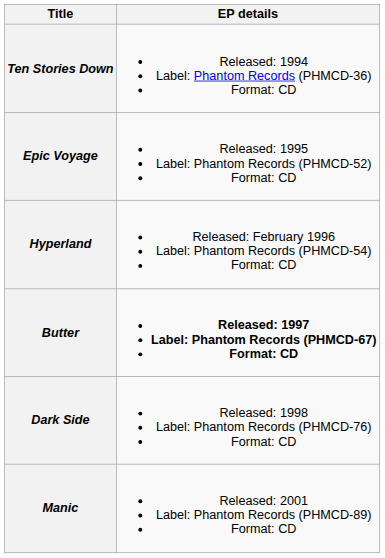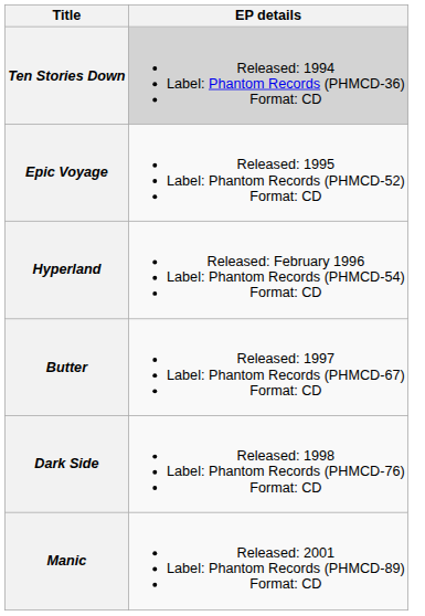 <table class="wikitable plainrowheaders" style="text-align:center;">
 <tr>
 <th>Title</th>
 <th>EP details</th>
 </tr>
 <tr>
 <th scope="row"><em>Ten Stories Down</em></th>
-<td><br><ul><li>Released: 1994</li><li>Label: <a href='#'>Phantom Records</a> (PHMCD-36)</li><li>Format: CD</li></ul></td>
+<td style="background: lightgrey;"><br><ul><li>Released: 1994</li><li>Label: <a href='#'>Phantom Records</a> (PHMCD-36)</li><li>Format: CD</li></ul></td>
 </tr>
 <tr>
 <th scope="row"><em>Epic Voyage</em></th>
 <td><br><ul><li>Released: 1995</li><li>Label: Phantom Records (PHMCD-52)</li><li>Format: CD</li></ul></td>
 </tr>
 <tr>
 <th scope="row"><em>Hyperland</em></th>
 <td><br><ul><li>Released: February 1996</li><li>Label: Phantom Records (PHMCD-54)</li><li>Format: CD</li></ul></td>
 </tr>
 <tr>
 <th scope="row"><em>Butter</em></th>
-<td><strong><br><ul><li>Released: 1997</li><li>Label: Phantom Records (PHMCD-67)</li><li>Format: CD</li></ul></strong></td>
+<td><br><ul><li>Released: 1997</li><li>Label: Phantom Records (PHMCD-67)</li><li>Format: CD</li></ul></td>
 </tr>
 <tr>
 <th scope="row"><em>Dark Side</em></th>
 <td><br><ul><li>Released: 1998</li><li>Label: Phantom Records (PHMCD-76)</li><li>Format: CD</li></ul></td>
 </tr>
 <tr>
 <th scope="row"><em>Manic</em></th>
 <td><br><ul><li>Released: 2001</li><li>Label: Phantom Records (PHMCD-89)</li><li>Format: CD</li></ul></td>
 </tr>
 </table>
